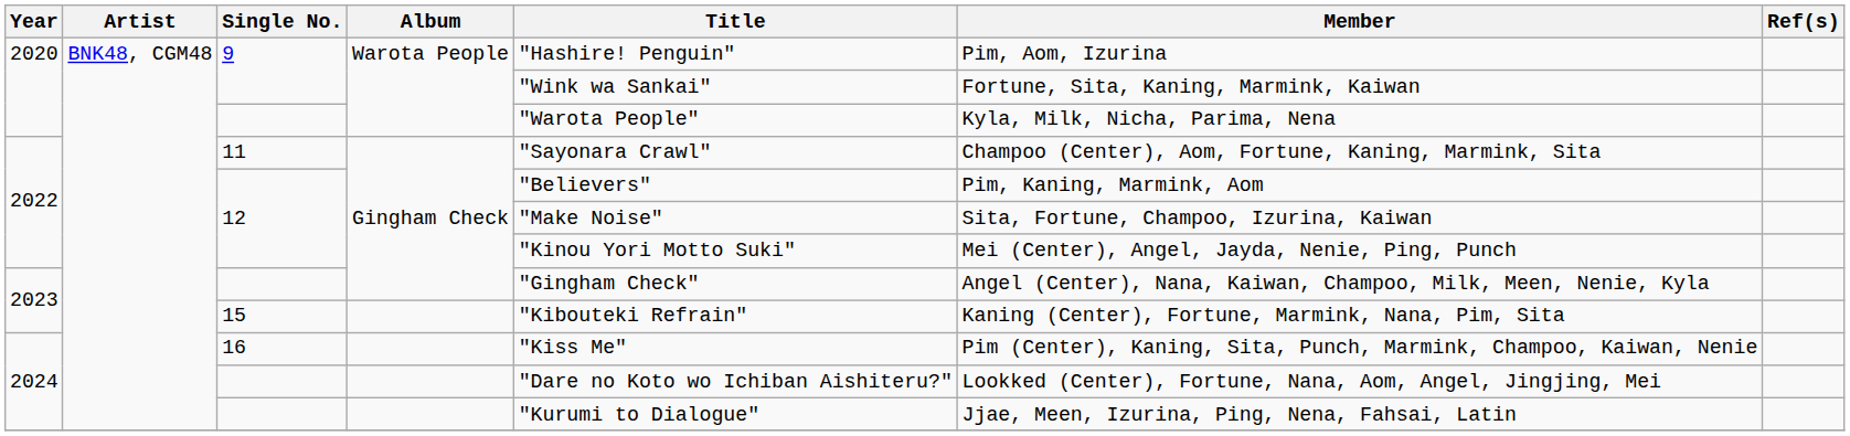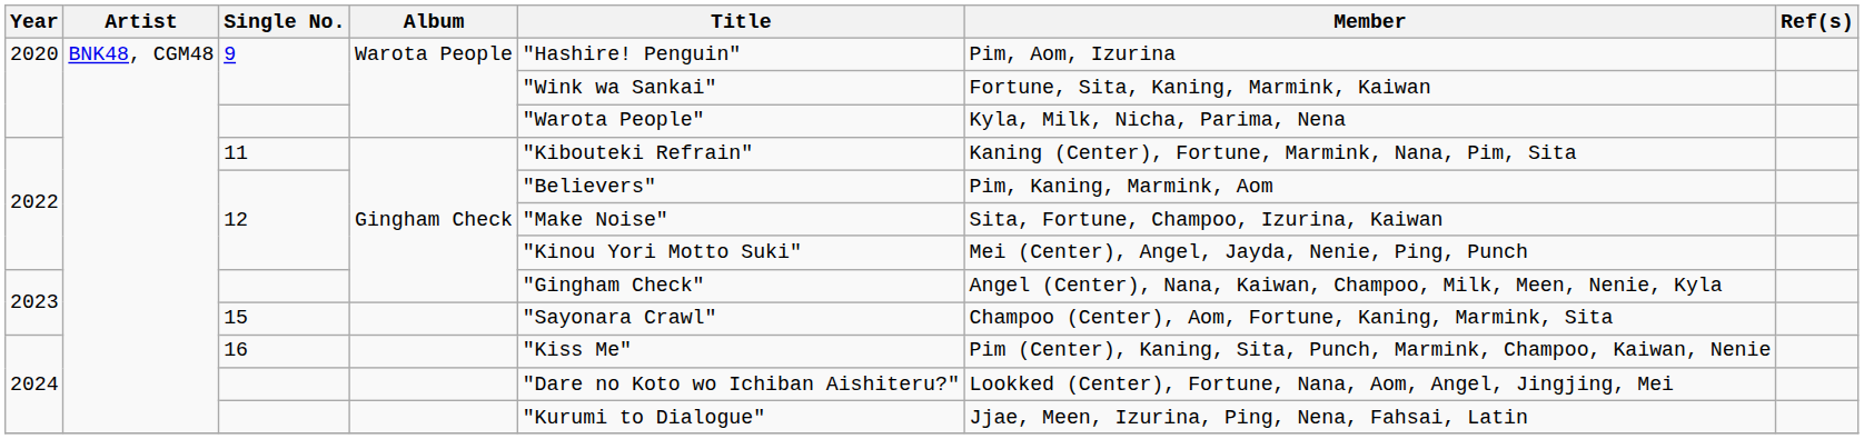 <table class="wikitable" style="text-align:left; ">
 <tr style="vertical-align:top;">
 <th>Year</th>
 <th>Artist</th>
 <th>Single No.</th>
 <th>Album</th>
 <th>Title</th>
 <th>Member</th>
 <th>Ref(s)</th>
 </tr>
 <tr style="vertical-align:top;">
 <td rowspan = 3>2020</td>
 <td rowspan = 12><a href='#'>BNK48</a>, CGM48</td>
 <td rowspan = 2><a href='#'>9</a></td>
 <td rowspan = 3>Warota People</td>
 <td>"Hashire! Penguin"</td>
 <td>Pim, Aom, Izurina</td>
 <td></td>
 </tr>
 <tr>
 <td>"Wink wa Sankai"</td>
 <td>Fortune, Sita, Kaning, Marmink, Kaiwan</td>
 <td></td>
 </tr>
 <tr>
 <td></td>
 <td>"Warota People"</td>
 <td>Kyla, Milk, Nicha, Parima, Nena</td>
 <td></td>
 </tr>
 <tr>
 <td rowspan = 4>2022</td>
 <td>11</td>
 <td rowspan = 5>Gingham Check</td>
-<td>"Sayonara Crawl"</td>
-<td>Champoo (Center), Aom, Fortune, Kaning, Marmink, Sita</td>
+<td>"Kibouteki Refrain"</td>
+<td>Kaning (Center), Fortune, Marmink, Nana, Pim, Sita</td>
 <td></td>
 </tr>
 <tr>
 <td rowspan = 3>12</td>
 <td>"Believers"</td>
 <td>Pim, Kaning, Marmink, Aom</td>
 <td></td>
 </tr>
 <tr>
 <td>"Make Noise"</td>
 <td>Sita, Fortune, Champoo, Izurina, Kaiwan</td>
 <td></td>
 </tr>
 <tr>
 <td>"Kinou Yori Motto Suki"</td>
 <td>Mei (Center), Angel, Jayda, Nenie, Ping, Punch</td>
 <td></td>
 </tr>
 <tr>
 <td rowspan = 2>2023</td>
 <td></td>
 <td>"Gingham Check"</td>
 <td>Angel (Center), Nana, Kaiwan, Champoo, Milk, Meen, Nenie, Kyla</td>
 <td></td>
 </tr>
 <tr>
 <td>15</td>
 <td></td>
-<td>"Kibouteki Refrain"</td>
-<td>Kaning (Center), Fortune, Marmink, Nana, Pim, Sita</td>
+<td>"Sayonara Crawl"</td>
+<td>Champoo (Center), Aom, Fortune, Kaning, Marmink, Sita</td>
 </tr>
 <tr>
 <td rowspan = 3>2024</td>
 <td>16</td>
 <td></td>
 <td>"Kiss Me"</td>
 <td>Pim (Center), Kaning, Sita, Punch, Marmink, Champoo, Kaiwan, Nenie</td>
 <td></td>
 </tr>
 <tr>
 <td></td>
 <td></td>
 <td>"Dare no Koto wo Ichiban Aishiteru?"</td>
 <td>Lookked (Center), Fortune, Nana, Aom, Angel, Jingjing, Mei</td>
 <td></td>
 </tr>
 <tr>
 <td></td>
 <td></td>
 <td>"Kurumi to Dialogue"</td>
 <td>Jjae, Meen, Izurina, Ping, Nena, Fahsai, Latin</td>
 <td></td>
 </tr>
 <tr>
 </tr>
 </table>
